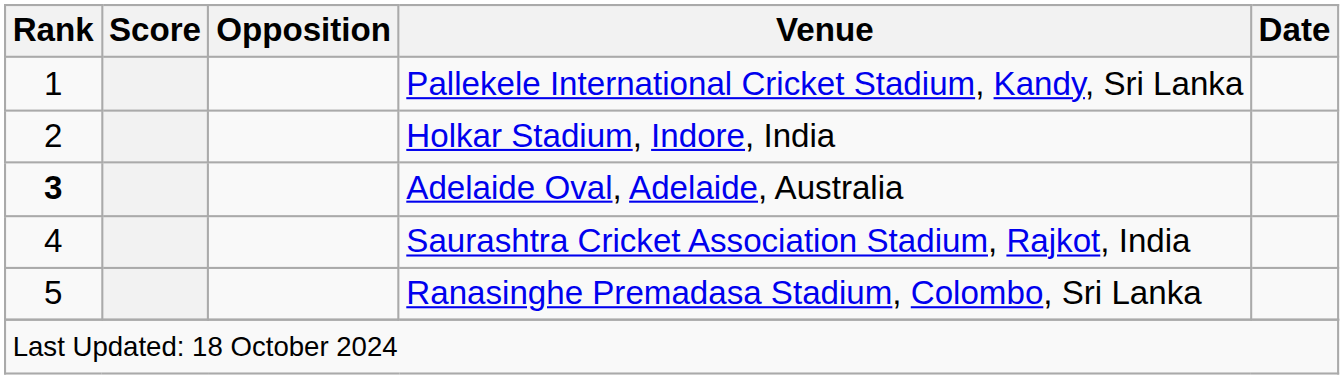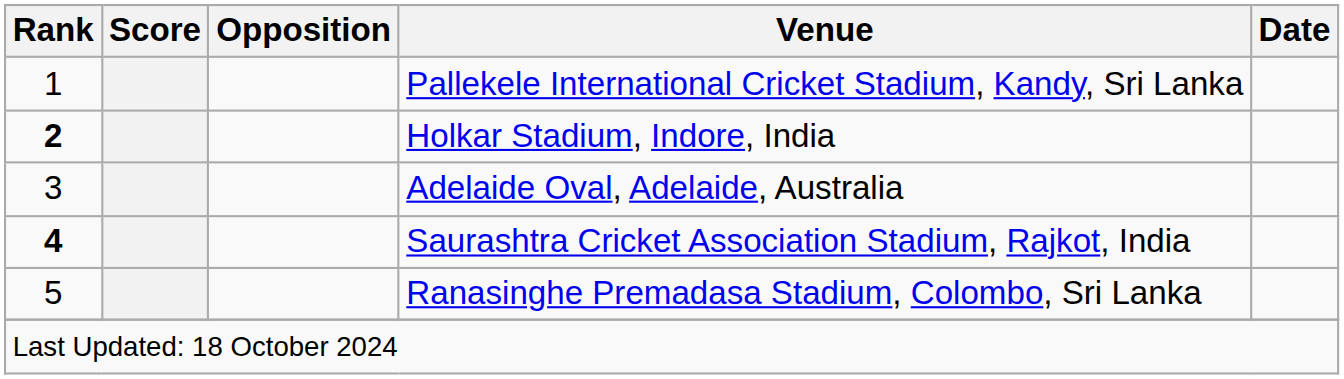 <table class="wikitable plainrowheaders sortable">
 <tr>
 <th scope=col>Rank</th>
 <th scope=col>Score</th>
 <th scope=col>Opposition</th>
 <th scope=col>Venue</th>
 <th scope=col>Date</th>
 </tr>
 <tr>
 <td align=center>1</td>
 <th scope=row style=text-align:center;></th>
 <td></td>
 <td><a href='#'>Pallekele International Cricket Stadium</a>, <a href='#'>Kandy</a>, Sri Lanka</td>
 <td></td>
 </tr>
 <tr>
-<td align=center>2</td>
+<td align=center><strong>2</strong></td>
 <th scope=row style=text-align:center;></th>
 <td></td>
 <td><a href='#'>Holkar Stadium</a>, <a href='#'>Indore</a>, India</td>
 <td></td>
 </tr>
 <tr>
-<td align=center><strong>3</strong></td>
+<td align=center>3</td>
 <th scope=row style=text-align:center;></th>
 <td></td>
 <td><a href='#'>Adelaide Oval</a>, <a href='#'>Adelaide</a>, Australia</td>
 <td></td>
 </tr>
 <tr>
-<td align=center>4</td>
+<td align=center><strong>4</strong></td>
 <th scope=row style=text-align:center;></th>
 <td></td>
 <td><a href='#'>Saurashtra Cricket Association Stadium</a>, <a href='#'>Rajkot</a>, India</td>
 <td></td>
 </tr>
 <tr>
 <td align=center>5</td>
 <th scope=row style=text-align:center;></th>
 <td></td>
 <td><a href='#'>Ranasinghe Premadasa Stadium</a>, <a href='#'>Colombo</a>, Sri Lanka</td>
 <td></td>
 </tr>
 <tr>
 </tr>
 <tr class=sortbottom>
 <td colspan=5><small>Last Updated: 18 October 2024</small></td>
 </tr>
 </table>
